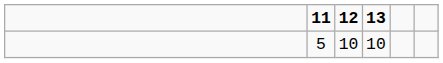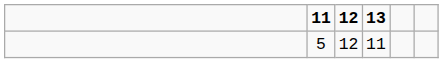 <table class="wikitable">
 <tr>
 <td style="width:18em"><strong></strong></td>
 <td align=center style="width:1em"><strong>11</strong></td>
 <td align=center style="width:1em"><strong>12</strong></td>
 <td align=center style="width:1em"><strong>13</strong></td>
 <td align=center style="width:1em"></td>
 <td align=center style="width:1em"></td>
 </tr>
 <tr>
 <td style="width:18em"></td>
 <td align=center style="width:1em">5</td>
-<td align=center style="width:1em">10</td>
-<td align=center style="width:1em">10</td>
+<td align=center style="width:1em">12</td>
+<td align=center style="width:1em">11</td>
 <td align=center style="width:1em"></td>
 <td align=center style="width:1em"></td>
 </tr>
 </table>
